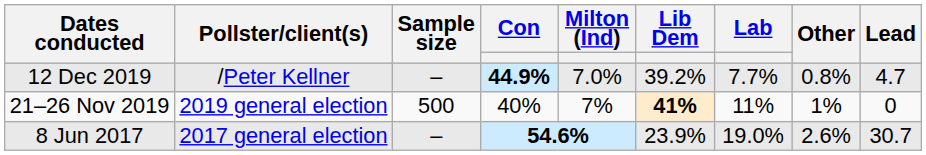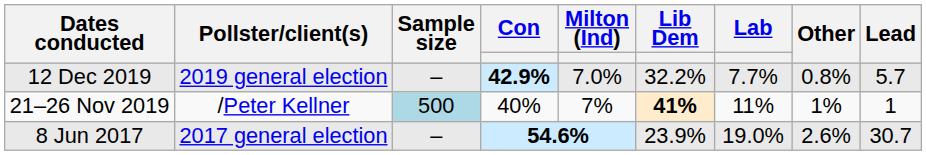 <table class="wikitable sortable mw-datatable" style="text-align:center;line-height:14px;">
 <tr>
 <th rowspan="2">Dates<br>conducted</th>
 <th rowspan="2">Pollster/client(s)</th>
 <th rowspan="2" data-sort-type="number">Sample<br>size</th>
 <th class="unsortable" style="width:50px;"><a href='#'>Con</a></th>
 <th class="unsortable" style="width:50px;"><a href='#'>Milton</a><br>(<a href='#'>Ind</a>)</th>
 <th class="unsortable" style="width:50px;"><a href='#'>Lib Dem</a></th>
 <th class="unsortable" style="width:50px;"><a href='#'>Lab</a></th>
 <th rowspan="2" class="unsortable">Other</th>
 <th rowspan="2" data-sort-type="number">Lead</th>
 </tr>
 <tr>
 <th data-sort-type="number" style="background:"></th>
 <th data-sort-type="number" style="background:"></th>
 <th data-sort-type="number" style="background:"></th>
 <th data-sort-type="number" style="background:"></th>
 </tr>
 <tr style="background:#E9E9E9;">
 <td data-sort-value="2017-06-08">12 Dec 2019</td>
-<td>/<a href='#'>Peter Kellner</a></td>
+<td><a href='#'>2019 general election</a></td>
 <td>–</td>
-<td style="background:#CCEBFF;"><strong>44.9%</strong></td>
+<td style="background:#CCEBFF;"><strong>42.9%</strong></td>
 <td>7.0%</td>
-<td>39.2%</td>
+<td>32.2%</td>
 <td>7.7%</td>
 <td>0.8%</td>
-<td style="background:">4.7</td>
+<td style="background:">5.7</td>
 </tr>
 <tr>
 <td data-sort-value="2019-10-26">21–26 Nov 2019</td>
-<td><a href='#'>2019 general election</a></td>
-<td>500</td>
+<td>/<a href='#'>Peter Kellner</a></td>
+<td style="background: lightblue;">500</td>
 <td>40%</td>
 <td>7%</td>
 <td style="background:#FEECCD;"><strong>41%</strong></td>
 <td>11%</td>
 <td>1%</td>
-<td style="background:">0</td>
+<td style="background:">1</td>
 </tr>
 <tr style="background:#E9E9E9;">
 <td data-sort-value="2017-06-08">8 Jun 2017</td>
 <td><a href='#'>2017 general election</a></td>
 <td>–</td>
 <td colspan="2" style="background:#CCEBFF;"><strong>54.6%</strong></td>
 <td>23.9%</td>
 <td>19.0%</td>
 <td>2.6%</td>
 <td style="background:">30.7</td>
 </tr>
 </table>
